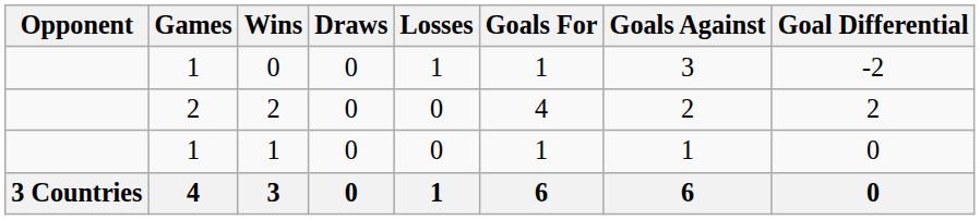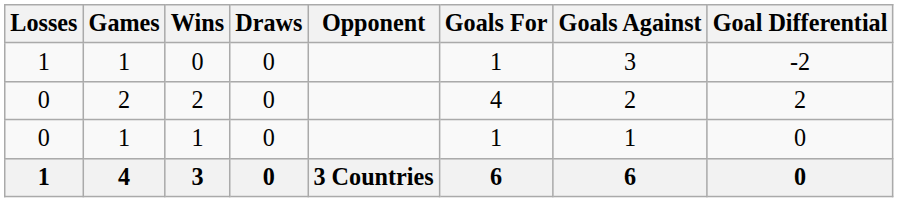 <table class="wikitable sortable" style="text-align:center">
 <tr>
-<th>Opponent</th>
+<th>Losses</th>
 <th>Games</th>
 <th>Wins</th>
 <th>Draws</th>
-<th>Losses</th>
+<th>Opponent</th>
 <th>Goals For</th>
 <th>Goals Against</th>
 <th>Goal Differential</th>
 </tr>
 <tr>
-<td style="text-align:left;"></td>
+<td>1</td>
 <td>1</td>
 <td>0</td>
 <td>0</td>
-<td>1</td>
+<td style="text-align:left;"></td>
 <td>1</td>
 <td>3</td>
 <td>-2</td>
 </tr>
 <tr>
-<td style="text-align:left;"></td>
+<td>0</td>
 <td>2</td>
 <td>2</td>
 <td>0</td>
-<td>0</td>
+<td style="text-align:left;"></td>
 <td>4</td>
 <td>2</td>
 <td>2</td>
 </tr>
 <tr>
-<td style="text-align:left;"></td>
+<td>0</td>
 <td>1</td>
 <td>1</td>
 <td>0</td>
-<td>0</td>
+<td style="text-align:left;"></td>
 <td>1</td>
 <td>1</td>
 <td>0</td>
 </tr>
 <tr class="sortbottom">
-<th>3 Countries</th>
+<th>1</th>
 <th>4</th>
 <th>3</th>
 <th>0</th>
-<th>1</th>
+<th>3 Countries</th>
 <th>6</th>
 <th>6</th>
 <th>0</th>
 </tr>
 </table>
